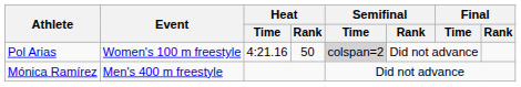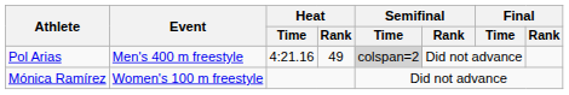 <table class=wikitable style="font-size:90%">
 <tr>
 <th rowspan="2">Athlete</th>
 <th rowspan="2">Event</th>
 <th colspan="2">Heat</th>
 <th colspan="2">Semifinal</th>
 <th colspan="2">Final</th>
 </tr>
 <tr style="font-size:95%">
 <th>Time</th>
 <th>Rank</th>
 <th>Time</th>
 <th>Rank</th>
 <th>Time</th>
 <th>Rank</th>
 </tr>
 <tr align=center>
 <td align=left><a href='#'>Pol Arias</a></td>
-<td align=left><a href='#'>Women's 100 m freestyle</a></td>
+<td align=left><a href='#'>Men's 400 m freestyle</a></td>
 <td>4:21.16</td>
-<td>50</td>
+<td>49</td>
 <td style="background: lightgrey;">colspan=2 </td>
 <td colspan=2>Did not advance</td>
 </tr>
 <tr align=center>
 <td align=left><a href='#'>Mónica Ramírez</a></td>
-<td align=left><a href='#'>Men's 400 m freestyle</a></td>
+<td align=left><a href='#'>Women's 100 m freestyle</a></td>
 <td colspan=2></td>
 <td colspan=4>Did not advance</td>
 </tr>
 </table>
